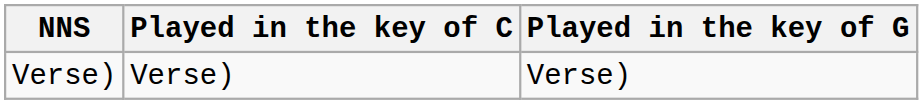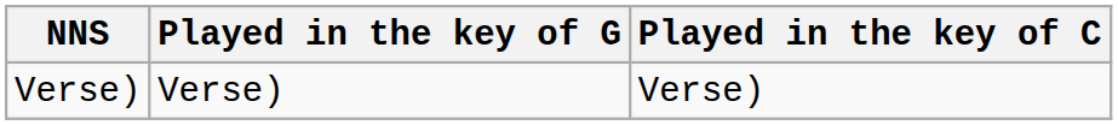 <table class="wikitable">
 <tr>
 <th>NNS</th>
+<th>Played in the key of G</th>
 <th>Played in the key of C</th>
-<th>Played in the key of G</th>
 </tr>
 <tr>
 <td>Verse)<br></td>
 <td>Verse)<br></td>
 <td>Verse)<br></td>
 </tr>
 </table>
